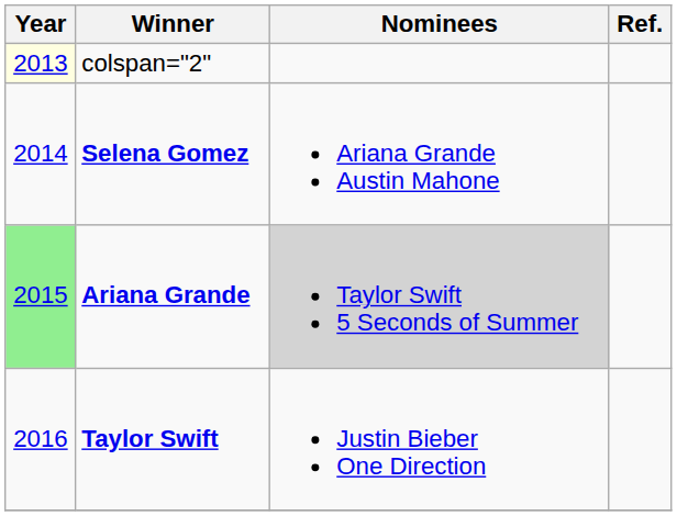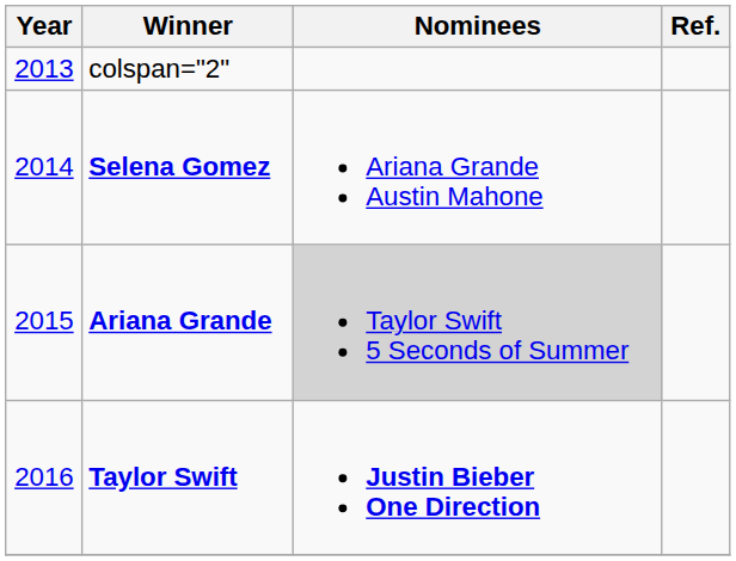 <table class="wikitable" width=70%>
 <tr>
 <th>Year</th>
 <th>Winner</th>
 <th>Nominees</th>
 <th>Ref.</th>
 </tr>
 <tr>
-<td align="center" style="background: lightyellow;"><a href='#'>2013</a></td>
+<td align="center"><a href='#'>2013</a></td>
 <td>colspan="2" </td>
 <td align="center"></td>
 </tr>
 <tr>
 <td align="center"><a href='#'>2014</a></td>
 <td><strong><a href='#'>Selena Gomez</a></strong></td>
 <td><br><ul><li><a href='#'>Ariana Grande</a></li><li><a href='#'>Austin Mahone</a></li></ul></td>
 <td align="center"></td>
 </tr>
 <tr>
-<td align="center" style="background: lightgreen;"><a href='#'>2015</a></td>
+<td align="center"><a href='#'>2015</a></td>
 <td><strong><a href='#'>Ariana Grande</a></strong></td>
 <td style="background: lightgrey;"><br><ul><li><a href='#'>Taylor Swift</a></li><li><a href='#'>5 Seconds of Summer</a></li></ul></td>
 <td align="center"></td>
 </tr>
 <tr>
 <td align="center"><a href='#'>2016</a></td>
 <td><strong><a href='#'>Taylor Swift</a></strong></td>
-<td><br><ul><li><a href='#'>Justin Bieber</a></li><li><a href='#'>One Direction</a></li></ul></td>
+<td><strong><br><ul><li><a href='#'>Justin Bieber</a></li><li><a href='#'>One Direction</a></li></ul></strong></td>
 <td align="center"></td>
 </tr>
 <tr>
 </tr>
 </table>
